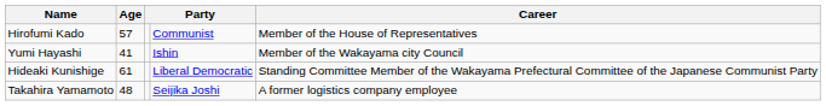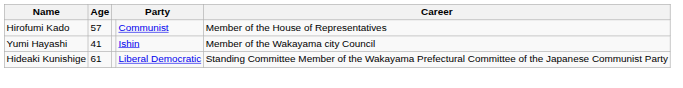 <table class="wikitable">
 <tr style="white-space:nowrap;">
 <th>Name</th>
 <th>Age</th>
 <th colspan=2>Party</th>
 <th>Career</th>
 </tr>
 <tr>
 <td>Hirofumi Kado</td>
 <td>57</td>
 <td style="background:"></td>
 <td><a href='#'>Communist</a><br></td>
 <td>Member of the House of Representatives<br></td>
 </tr>
 <tr>
 <td>Yumi Hayashi</td>
 <td>41</td>
 <td style="background:"></td>
 <td><a href='#'>Ishin</a></td>
 <td>Member of the Wakayama city Council<br></td>
 </tr>
 <tr>
 <td>Hideaki Kunishige</td>
 <td>61</td>
 <td style="background:"></td>
 <td><a href='#'>Liberal Democratic</a></td>
 <td>Standing Committee Member of the Wakayama Prefectural Committee of the Japanese Communist Party</td>
 </tr>
-<tr>
-<td>Takahira Yamamoto</td>
-<td>48</td>
-<td style="background:"></td>
-<td><a href='#'>Seijika Joshi</a></td>
-<td>A former logistics company employee</td>
-</tr>
 </table>
